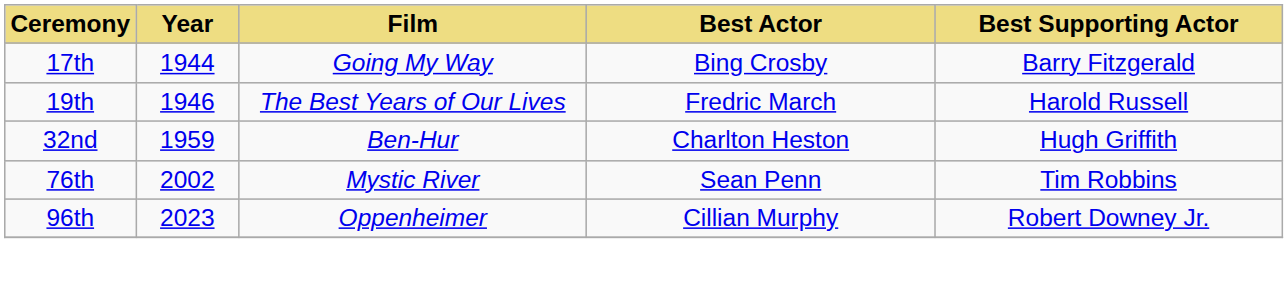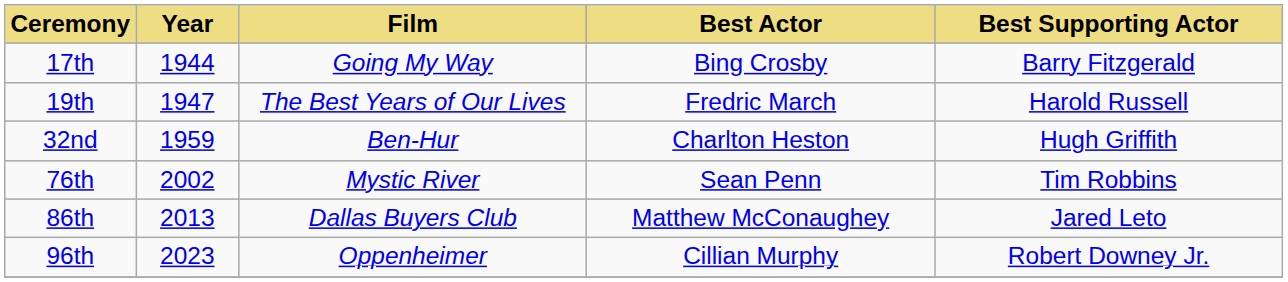 <table class="wikitable sortable" style="text-align: center">
 <tr>
 <th style="background-color:#EEDD82; width:060px;">Ceremony</th>
 <th style="background-color:#EEDD82; width:060px;">Year</th>
 <th style="background-color:#EEDD82; width:220px;">Film</th>
 <th style="background-color:#EEDD82; width:220px;">Best Actor</th>
 <th style="background-color:#EEDD82; width:220px;">Best Supporting Actor</th>
 </tr>
 <tr>
 <td><a href='#'>17th</a></td>
 <td><a href='#'>1944</a></td>
 <td><em><a href='#'>Going My Way</a></em></td>
 <td><a href='#'>Bing Crosby</a></td>
 <td><a href='#'>Barry Fitzgerald</a></td>
 </tr>
 <tr>
 <td><a href='#'>19th</a></td>
-<td><a href='#'>1946</a></td>
+<td><a href='#'>1947</a></td>
 <td><em><a href='#'>The Best Years of Our Lives</a></em></td>
 <td><a href='#'>Fredric March</a></td>
 <td><a href='#'>Harold Russell</a></td>
 </tr>
 <tr>
 <td><a href='#'>32nd</a></td>
 <td><a href='#'>1959</a></td>
 <td><em><a href='#'>Ben-Hur</a></em></td>
 <td><a href='#'>Charlton Heston</a></td>
 <td><a href='#'>Hugh Griffith</a></td>
 </tr>
 <tr>
 <td><a href='#'>76th</a></td>
 <td><a href='#'>2002</a></td>
 <td><em><a href='#'>Mystic River</a></em></td>
 <td><a href='#'>Sean Penn</a></td>
 <td><a href='#'>Tim Robbins</a></td>
 </tr>
 <tr>
+<td><a href='#'>86th</a></td>
+<td><a href='#'>2013</a></td>
+<td><em><a href='#'>Dallas Buyers Club</a></em></td>
+<td><a href='#'>Matthew McConaughey</a></td>
+<td><a href='#'>Jared Leto</a></td>
+</tr>
+<tr>
 <td><a href='#'>96th</a></td>
 <td><a href='#'>2023</a></td>
 <td><em><a href='#'>Oppenheimer</a></em></td>
 <td><a href='#'>Cillian Murphy</a></td>
 <td><a href='#'>Robert Downey Jr.</a></td>
 </tr>
 <tr>
 </tr>
 </table>
